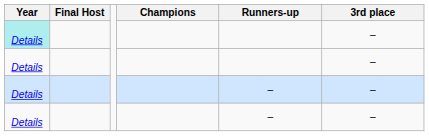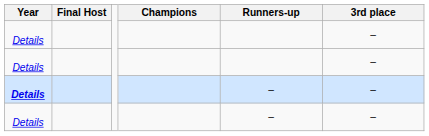 <table class="wikitable" style="font-size:90%; text-align: center; width:67%;">
 <tr>
 <th width=5%>Year</th>
 <th width=10%>Final Host</th>
 <td width=1% rowspan=100 style="border-top:none;border-bottom:none;"></td>
 <th width=17%>Champions </th>
 <th width=17%>Runners-up </th>
 <th width=17%>3rd place </th>
 </tr>
 <tr>
-<td style="background: paleturquoise;"><br><em><a href='#'>Details</a></em></td>
+<td><br><em><a href='#'>Details</a></em></td>
 <td></td>
 <td><strong></strong></td>
 <td></td>
 <td>–</td>
 </tr>
 <tr>
 <td><br><em><a href='#'>Details</a></em></td>
 <td></td>
 <td><strong></strong></td>
 <td></td>
 <td>–</td>
 </tr>
 <tr style="background: #D0E6FF;">
-<td><br><em><a href='#'>Details</a></em></td>
+<td><strong><br><em><a href='#'>Details</a></em></strong></td>
 <td></td>
 <td></td>
 <td>–</td>
 <td>–</td>
 </tr>
 <tr>
 <td><br><em><a href='#'>Details</a></em></td>
 <td></td>
 <td></td>
 <td>–</td>
 <td>–</td>
 </tr>
 </table>
